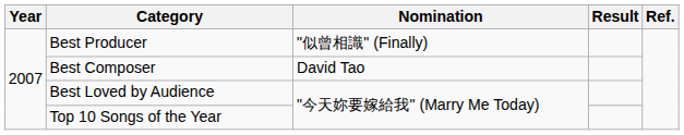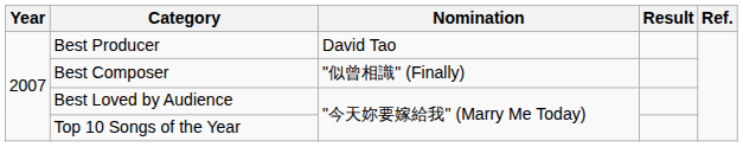 <table class="wikitable">
 <tr>
 <th>Year</th>
 <th style="width:250px;">Category</th>
 <th style="width:300px;">Nomination</th>
 <th>Result</th>
 <th>Ref.</th>
 </tr>
 <tr>
 <td rowspan="4">2007</td>
 <td>Best Producer</td>
-<td>"似曾相識" (Finally)</td>
+<td>David Tao</td>
 <td></td>
 <td rowspan="4" style="text-align:center;"></td>
 </tr>
 <tr>
 <td>Best Composer</td>
-<td>David Tao</td>
+<td>"似曾相識" (Finally)</td>
 <td></td>
 </tr>
 <tr>
 <td>Best Loved by Audience</td>
 <td rowspan="2">"今天妳要嫁給我" (Marry Me Today)</td>
 <td></td>
 </tr>
 <tr>
 <td>Top 10 Songs of the Year</td>
 <td></td>
 </tr>
 </table>
